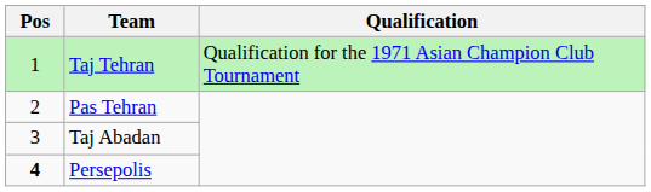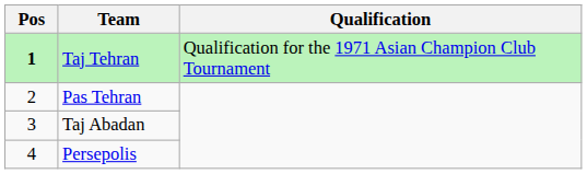 <table class="wikitable" style="text-align:left">
 <tr>
 <th width=40 align=center>Pos</th>
 <th width=100 align=center>Team</th>
 <th width=350 align=center>Qualification</th>
 </tr>
 <tr bgcolor=#BBF3BB>
-<td align=center>1</td>
+<td align=center><strong>1</strong></td>
 <td><a href='#'>Taj Tehran</a></td>
 <td>Qualification for the <a href='#'>1971 Asian Champion Club Tournament</a></td>
 </tr>
 <tr>
 <td align=center>2</td>
 <td><a href='#'>Pas Tehran</a></td>
 <td rowspan=3></td>
 </tr>
 <tr>
 <td align=center>3</td>
 <td>Taj Abadan</td>
 </tr>
 <tr>
-<td align=center><strong>4</strong></td>
+<td align=center>4</td>
 <td><a href='#'>Persepolis</a></td>
 </tr>
 </table>
